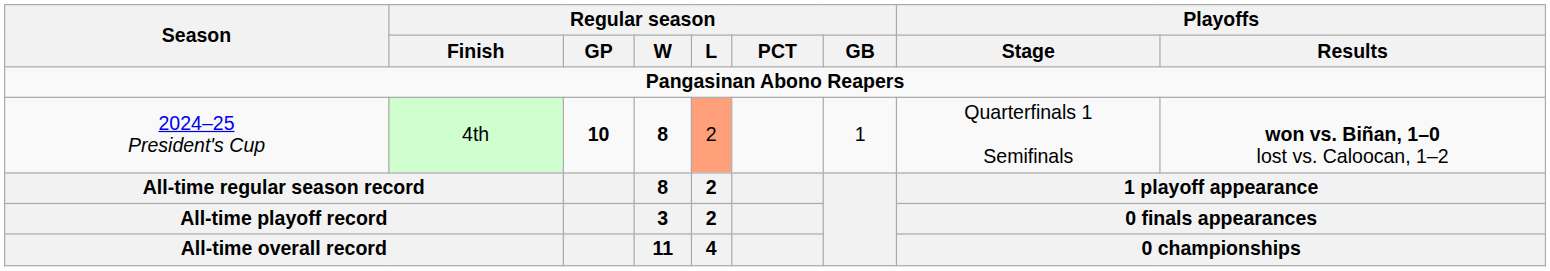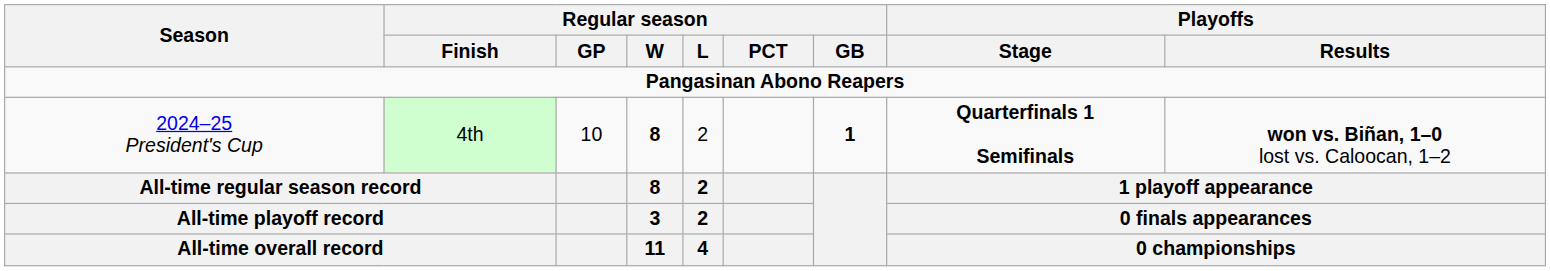 <table class=wikitable style="width:100%; text-align:center">
 <tr>
 <th rowspan="2">Season</th>
 <th colspan="6">Regular season</th>
 <th colspan="2">Playoffs</th>
 </tr>
 <tr>
 <th>Finish</th>
 <th>GP</th>
 <th>W</th>
 <th>L</th>
 <th>PCT</th>
 <th>GB</th>
 <th>Stage</th>
 <th>Results</th>
 </tr>
 <tr>
 <td colspan=10><span><strong>Pangasinan Abono Reapers</strong></span></td>
 </tr>
 <tr>
 <td><a href='#'>2024–25</a> <br> <em>President's Cup</em></td>
 <td bgcolor="CFFFCF">4th</td>
-<td><strong>10</strong></td>
+<td>10</td>
 <td><strong>8</strong></td>
-<td style="background: lightsalmon;">2</td>
+<td>2</td>
 <td></td>
-<td>1</td>
-<td>Quarterfinals 1 <br>  <br> Semifinals</td>
+<td><strong>1</strong></td>
+<td><strong>Quarterfinals 1 <br>  <br> Semifinals</strong></td>
 <td> <br> <strong>won vs. Biñan, 1–0</strong> <br> lost vs. Caloocan, 1–2</td>
 </tr>
 <tr>
 <th colspan="2">All-time regular season record</th>
 <th></th>
 <th>8</th>
 <th>2</th>
 <th></th>
 <th rowspan="3"></th>
 <th colspan="2">1 playoff appearance</th>
 </tr>
 <tr>
 <th colspan="2">All-time playoff record</th>
 <th></th>
 <th>3</th>
 <th>2</th>
 <th></th>
 <th colspan="2">0 finals appearances</th>
 </tr>
 <tr>
 <th colspan="2">All-time overall record</th>
 <th></th>
 <th>11</th>
 <th>4</th>
 <th></th>
 <th colspan="2">0 championships</th>
 </tr>
 </table>
